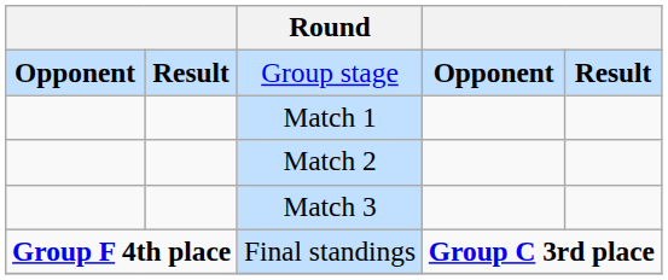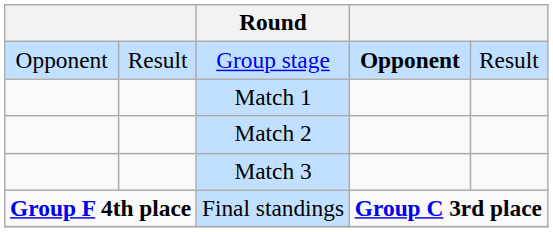 <table class="wikitable" style="text-align:center">
 <tr>
 <th colspan="2"></th>
 <th>Round</th>
 <th colspan="2"></th>
 </tr>
 <tr style="background:#C1E0FF">
-<td><strong>Opponent</strong></td>
-<td colspan="1"><strong>Result</strong></td>
+<td>Opponent</td>
+<td colspan="1">Result</td>
 <td><a href='#'>Group stage</a></td>
 <td><strong>Opponent</strong></td>
-<td colspan="1"><strong>Result</strong></td>
+<td colspan="1">Result</td>
 </tr>
 <tr>
 <td style="text-align:left"></td>
 <td></td>
 <td style="background:#C1E0FF">Match 1</td>
 <td style="text-align:left"></td>
 <td></td>
 </tr>
 <tr>
 <td style="text-align:left"></td>
 <td></td>
 <td style="background:#C1E0FF">Match 2</td>
 <td style="text-align:left"></td>
 <td></td>
 </tr>
 <tr>
 <td style="text-align:left"></td>
 <td></td>
 <td style="background:#C1E0FF">Match 3</td>
 <td style="text-align:left"></td>
 <td></td>
 </tr>
 <tr>
 <td colspan="2" style="vertical-align:top"><strong><a href='#'>Group F</a> 4th place</strong><br></td>
 <td style="background:#C1E0FF">Final standings</td>
 <td colspan="2" style="vertical-align:top"><strong><a href='#'>Group C</a> 3rd place</strong><br></td>
 </tr>
 <tr style="background:#C1E0FF">
 </tr>
 </table>
